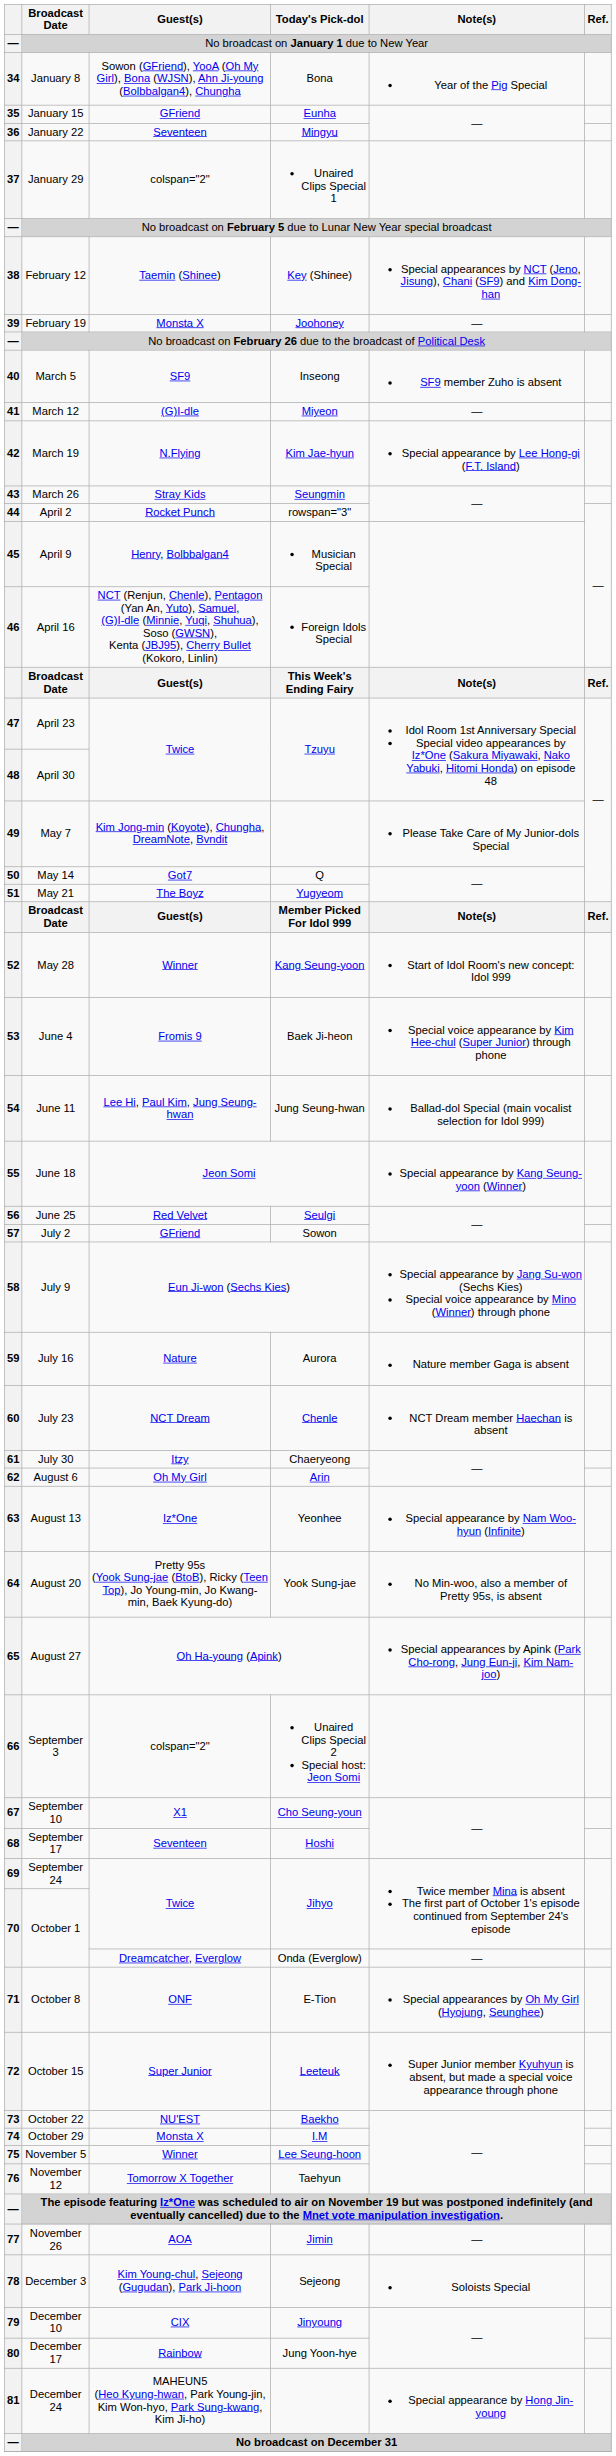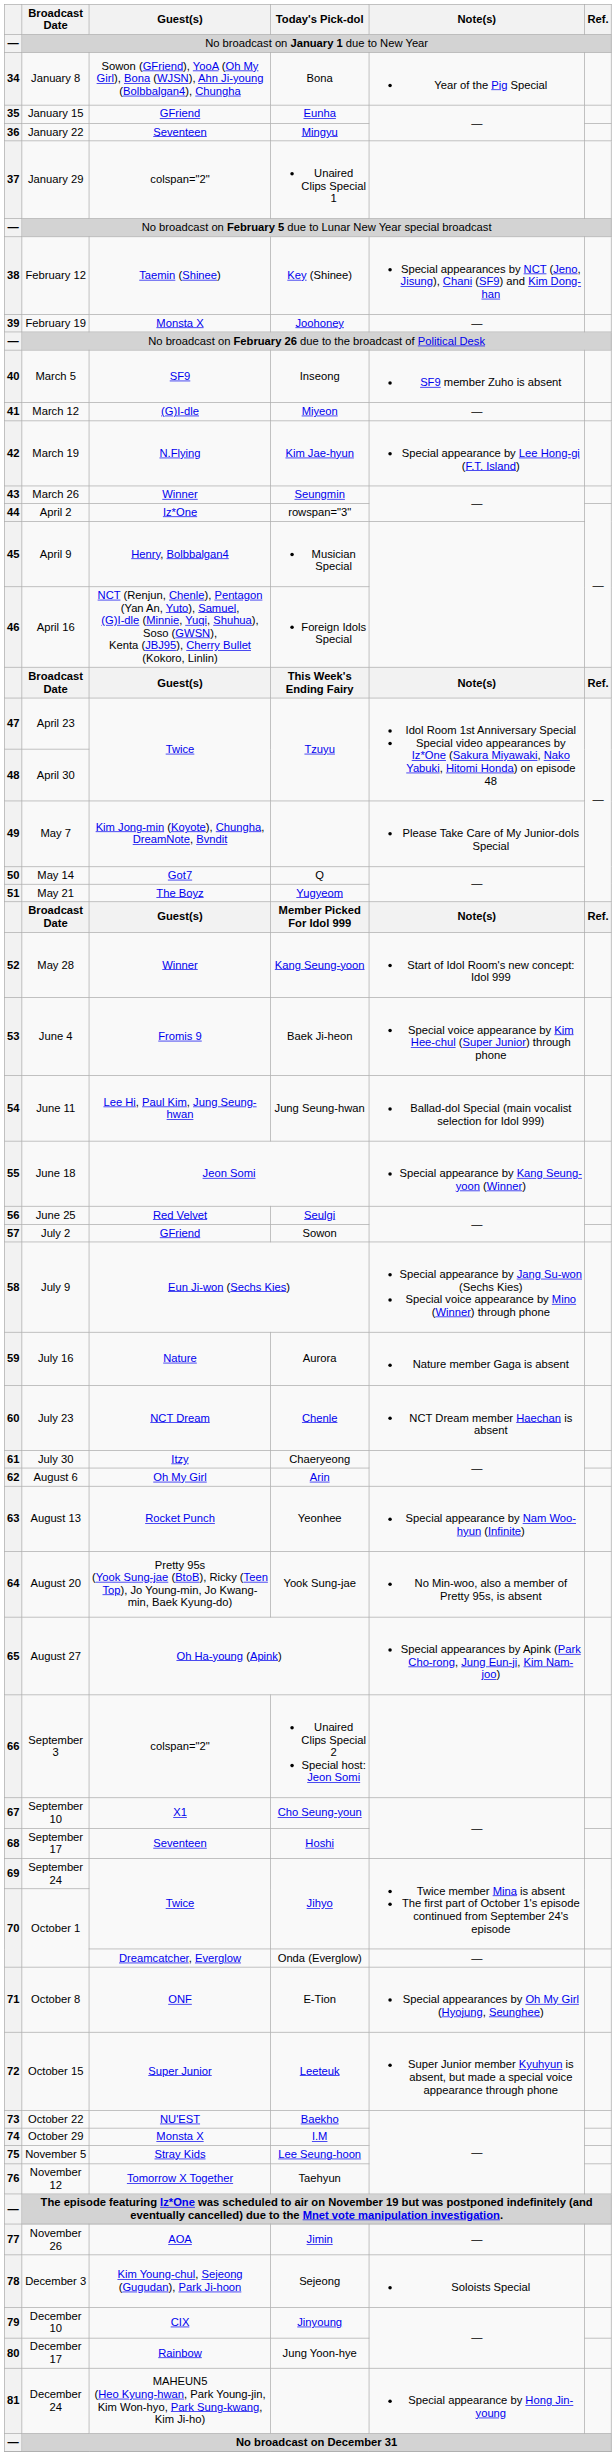 <table class="wikitable" style="text-align:center;">
 <tr>
 <th></th>
 <th>Broadcast Date</th>
 <th>Guest(s)</th>
 <th>Today's Pick-dol</th>
 <th>Note(s)</th>
 <th>Ref.</th>
 </tr>
 <tr>
 <th><strong>—</strong></th>
 <td colspan="5" style="text-align:center;background:Lightgray">No broadcast on <strong>January 1</strong> due to New Year</td>
 </tr>
 <tr>
 <th>34</th>
 <td>January 8</td>
 <td>Sowon (<a href='#'>GFriend</a>), <a href='#'>YooA</a> (<a href='#'>Oh My Girl</a>), <a href='#'>Bona</a> (<a href='#'>WJSN</a>), <a href='#'>Ahn Ji-young</a> (<a href='#'>Bolbbalgan4</a>), <a href='#'>Chungha</a></td>
 <td>Bona</td>
 <td><br><ul><li>Year of the <a href='#'>Pig</a> Special</li></ul></td>
 <td></td>
 </tr>
 <tr>
 <th>35</th>
 <td>January 15</td>
 <td><a href='#'>GFriend</a></td>
 <td><a href='#'>Eunha</a></td>
 <td rowspan="2">—</td>
 <td></td>
 </tr>
 <tr>
 <th>36</th>
 <td>January 22</td>
 <td><a href='#'>Seventeen</a></td>
 <td><a href='#'>Mingyu</a></td>
 <td></td>
 </tr>
 <tr>
 <th>37</th>
 <td>January 29</td>
 <td>colspan="2" </td>
 <td><br><ul><li>Unaired Clips Special 1</li></ul></td>
 <td></td>
 </tr>
 <tr>
 <th><strong>—</strong></th>
 <td colspan="5" style="text-align:center;background:Lightgray">No broadcast on <strong>February 5</strong> due to Lunar New Year special broadcast</td>
 </tr>
 <tr>
 <th>38</th>
 <td>February 12</td>
 <td><a href='#'>Taemin</a> (<a href='#'>Shinee</a>)</td>
 <td><a href='#'>Key</a> (Shinee)</td>
 <td><br><ul><li>Special appearances by <a href='#'>NCT</a> (<a href='#'>Jeno</a>, <a href='#'>Jisung</a>), <a href='#'>Chani</a> (<a href='#'>SF9</a>) and <a href='#'>Kim Dong-han</a></li></ul></td>
 <td></td>
 </tr>
 <tr>
 <th>39</th>
 <td>February 19</td>
 <td><a href='#'>Monsta X</a></td>
 <td><a href='#'>Joohoney</a></td>
 <td>—</td>
 <td></td>
 </tr>
 <tr>
 <th><strong>—</strong></th>
 <td colspan="5" style="text-align:center;background:Lightgray">No broadcast on <strong>February 26</strong> due to the broadcast of <a href='#'>Political Desk</a></td>
 </tr>
 <tr>
 <th>40</th>
 <td>March 5</td>
 <td><a href='#'>SF9</a></td>
 <td>Inseong</td>
 <td><br><ul><li><a href='#'>SF9</a> member Zuho is absent</li></ul></td>
 <td></td>
 </tr>
 <tr>
 <th>41</th>
 <td>March 12</td>
 <td><a href='#'>(G)I-dle</a></td>
 <td><a href='#'>Miyeon</a></td>
 <td>—</td>
 <td></td>
 </tr>
 <tr>
 <th>42</th>
 <td>March 19</td>
 <td><a href='#'>N.Flying</a></td>
 <td><a href='#'>Kim Jae-hyun</a></td>
 <td><br><ul><li>Special appearance by <a href='#'>Lee Hong-gi</a> (<a href='#'>F.T. Island</a>)</li></ul></td>
 <td></td>
 </tr>
 <tr>
 <th>43</th>
 <td>March 26</td>
-<td><a href='#'>Stray Kids</a></td>
+<td><a href='#'>Winner</a></td>
 <td><a href='#'>Seungmin</a></td>
 <td rowspan="2">—</td>
 <td></td>
 </tr>
 <tr>
 <th>44</th>
 <td>April 2</td>
-<td><a href='#'>Rocket Punch</a></td>
+<td><a href='#'>Iz*One</a></td>
 <td>rowspan="3" </td>
 <td rowspan="3">—</td>
 </tr>
 <tr>
 <th>45</th>
 <td>April 9</td>
 <td><a href='#'>Henry</a>, <a href='#'>Bolbbalgan4</a></td>
 <td><br><ul><li>Musician Special</li></ul></td>
 </tr>
 <tr>
 <th>46</th>
 <td>April 16</td>
 <td><a href='#'>NCT</a> (Renjun, <a href='#'>Chenle</a>), <a href='#'>Pentagon</a> (Yan An, <a href='#'>Yuto</a>), <a href='#'>Samuel</a>,<br><a href='#'>(G)I-dle</a> (<a href='#'>Minnie</a>, <a href='#'>Yuqi</a>, <a href='#'>Shuhua</a>), Soso (<a href='#'>GWSN</a>),<br>Kenta (<a href='#'>JBJ95</a>), <a href='#'>Cherry Bullet</a> (Kokoro, Linlin)</td>
 <td><br><ul><li>Foreign Idols Special</li></ul></td>
 </tr>
 <tr>
 <th></th>
 <th>Broadcast Date</th>
 <th>Guest(s)</th>
 <th>This Week's Ending Fairy</th>
 <th>Note(s)</th>
 <th>Ref.</th>
 </tr>
 <tr>
 <th>47</th>
 <td>April 23</td>
 <td rowspan="2"><a href='#'>Twice</a></td>
 <td rowspan="2"><a href='#'>Tzuyu</a></td>
 <td rowspan="2"><br><ul><li>Idol Room 1st Anniversary Special</li><li>Special video appearances by <a href='#'>Iz*One</a> (<a href='#'>Sakura Miyawaki</a>, <a href='#'>Nako Yabuki</a>, <a href='#'>Hitomi Honda</a>) on episode 48</li></ul></td>
 <td rowspan="5">—</td>
 </tr>
 <tr>
 <th>48</th>
 <td>April 30</td>
 </tr>
 <tr>
 <th>49</th>
 <td>May 7</td>
 <td><a href='#'>Kim Jong-min</a> (<a href='#'>Koyote</a>), <a href='#'>Chungha</a>, <a href='#'>DreamNote</a>, <a href='#'>Bvndit</a></td>
 <td></td>
 <td><br><ul><li>Please Take Care of My Junior-dols Special</li></ul></td>
 </tr>
 <tr>
 <th>50</th>
 <td>May 14</td>
 <td><a href='#'>Got7</a></td>
 <td>Q</td>
 <td rowspan="2">—</td>
 </tr>
 <tr>
 <th>51</th>
 <td>May 21</td>
 <td><a href='#'>The Boyz</a></td>
 <td><a href='#'>Yugyeom</a></td>
 </tr>
 <tr>
 <th></th>
 <th>Broadcast Date</th>
 <th>Guest(s)</th>
 <th>Member Picked For Idol 999</th>
 <th>Note(s)</th>
 <th>Ref.</th>
 </tr>
 <tr>
 <th>52</th>
 <td>May 28</td>
 <td><a href='#'>Winner</a></td>
 <td><a href='#'>Kang Seung-yoon</a></td>
 <td><br><ul><li>Start of Idol Room's new concept: Idol 999</li></ul></td>
 <td></td>
 </tr>
 <tr>
 <th>53</th>
 <td>June 4</td>
 <td><a href='#'>Fromis 9</a></td>
 <td>Baek Ji-heon</td>
 <td><br><ul><li>Special voice appearance by <a href='#'>Kim Hee-chul</a> (<a href='#'>Super Junior</a>) through phone</li></ul></td>
 <td></td>
 </tr>
 <tr>
 <th>54</th>
 <td>June 11</td>
 <td><a href='#'>Lee Hi</a>, <a href='#'>Paul Kim</a>, <a href='#'>Jung Seung-hwan</a></td>
 <td>Jung Seung-hwan</td>
 <td><br><ul><li>Ballad-dol Special (main vocalist selection for Idol 999)</li></ul></td>
 <td></td>
 </tr>
 <tr>
 <th>55</th>
 <td>June 18</td>
 <td colspan="2"><a href='#'>Jeon Somi</a></td>
 <td><br><ul><li>Special appearance by <a href='#'>Kang Seung-yoon</a> (<a href='#'>Winner</a>)</li></ul></td>
 <td></td>
 </tr>
 <tr>
 <th>56</th>
 <td>June 25</td>
 <td><a href='#'>Red Velvet</a></td>
 <td><a href='#'>Seulgi</a></td>
 <td rowspan="2">—</td>
 <td></td>
 </tr>
 <tr>
 <th>57</th>
 <td>July 2</td>
 <td><a href='#'>GFriend</a></td>
 <td>Sowon</td>
 <td></td>
 </tr>
 <tr>
 <th>58</th>
 <td>July 9</td>
 <td colspan="2"><a href='#'>Eun Ji-won</a> (<a href='#'>Sechs Kies</a>)</td>
 <td><br><ul><li>Special appearance by <a href='#'>Jang Su-won</a> (Sechs Kies)</li><li>Special voice appearance by <a href='#'>Mino</a> (<a href='#'>Winner</a>) through phone</li></ul></td>
 <td></td>
 </tr>
 <tr>
 <th>59</th>
 <td>July 16</td>
 <td><a href='#'>Nature</a></td>
 <td>Aurora</td>
 <td><br><ul><li>Nature member Gaga is absent</li></ul></td>
 <td></td>
 </tr>
 <tr>
 <th>60</th>
 <td>July 23</td>
 <td><a href='#'>NCT Dream</a></td>
 <td><a href='#'>Chenle</a></td>
 <td><br><ul><li>NCT Dream member <a href='#'>Haechan</a> is absent</li></ul></td>
 <td></td>
 </tr>
 <tr>
 <th>61</th>
 <td>July 30</td>
 <td><a href='#'>Itzy</a></td>
 <td>Chaeryeong</td>
 <td rowspan="2">—</td>
 <td></td>
 </tr>
 <tr>
 <th>62</th>
 <td>August 6</td>
 <td><a href='#'>Oh My Girl</a></td>
 <td><a href='#'>Arin</a></td>
 <td></td>
 </tr>
 <tr>
 <th>63</th>
 <td>August 13</td>
-<td><a href='#'>Iz*One</a></td>
+<td><a href='#'>Rocket Punch</a></td>
 <td>Yeonhee</td>
 <td><br><ul><li>Special appearance by <a href='#'>Nam Woo-hyun</a> (<a href='#'>Infinite</a>)</li></ul></td>
 <td></td>
 </tr>
 <tr>
 <th>64</th>
 <td>August 20</td>
 <td>Pretty 95s<br>(<a href='#'>Yook Sung-jae</a> (<a href='#'>BtoB</a>), Ricky (<a href='#'>Teen Top</a>), Jo Young-min, Jo Kwang-min, Baek Kyung-do)</td>
 <td>Yook Sung-jae</td>
 <td><br><ul><li>No Min-woo, also a member of Pretty 95s, is absent</li></ul></td>
 <td></td>
 </tr>
 <tr>
 <th>65</th>
 <td>August 27</td>
 <td colspan="2"><a href='#'>Oh Ha-young</a> (<a href='#'>Apink</a>)</td>
 <td><br><ul><li>Special appearances by Apink (<a href='#'>Park Cho-rong</a>, <a href='#'>Jung Eun-ji</a>, <a href='#'>Kim Nam-joo</a>)</li></ul></td>
 <td></td>
 </tr>
 <tr>
 <th>66</th>
 <td>September 3</td>
 <td>colspan="2" </td>
 <td><br><ul><li>Unaired Clips Special 2</li><li>Special host: <a href='#'>Jeon Somi</a></li></ul></td>
 <td></td>
 </tr>
 <tr>
 <th>67</th>
 <td>September 10</td>
 <td><a href='#'>X1</a></td>
 <td><a href='#'>Cho Seung-youn</a></td>
 <td rowspan="2">—</td>
 <td></td>
 </tr>
 <tr>
 <th>68</th>
 <td>September 17</td>
 <td><a href='#'>Seventeen</a></td>
 <td><a href='#'>Hoshi</a></td>
 <td></td>
 </tr>
 <tr>
 <th>69</th>
 <td>September 24</td>
 <td rowspan="2"><a href='#'>Twice</a></td>
 <td rowspan="2"><a href='#'>Jihyo</a></td>
 <td rowspan="2"><br><ul><li>Twice member <a href='#'>Mina</a> is absent</li><li>The first part of October 1's episode continued from September 24's episode</li></ul></td>
 <td rowspan="2"></td>
 </tr>
 <tr>
 <th rowspan="2">70</th>
 <td rowspan="2">October 1</td>
 </tr>
 <tr>
 <td><a href='#'>Dreamcatcher</a>, <a href='#'>Everglow</a></td>
 <td>Onda (Everglow)</td>
 <td>—</td>
 <td></td>
 </tr>
 <tr>
 <th>71</th>
 <td>October 8</td>
 <td><a href='#'>ONF</a></td>
 <td>E-Tion</td>
 <td><br><ul><li>Special appearances by <a href='#'>Oh My Girl</a> (<a href='#'>Hyojung</a>, <a href='#'>Seunghee</a>)</li></ul></td>
 <td></td>
 </tr>
 <tr>
 <th>72</th>
 <td>October 15</td>
 <td><a href='#'>Super Junior</a></td>
 <td><a href='#'>Leeteuk</a></td>
 <td><br><ul><li>Super Junior member <a href='#'>Kyuhyun</a> is absent, but made a special voice appearance through phone</li></ul></td>
 <td></td>
 </tr>
 <tr>
 <th>73</th>
 <td>October 22</td>
 <td><a href='#'>NU'EST</a></td>
 <td><a href='#'>Baekho</a></td>
 <td rowspan="4">—</td>
 <td></td>
 </tr>
 <tr>
 <th>74</th>
 <td>October 29</td>
 <td><a href='#'>Monsta X</a></td>
 <td><a href='#'>I.M</a></td>
 <td></td>
 </tr>
 <tr>
 <th>75</th>
 <td>November 5</td>
-<td><a href='#'>Winner</a></td>
+<td><a href='#'>Stray Kids</a></td>
 <td><a href='#'>Lee Seung-hoon</a></td>
 <td></td>
 </tr>
 <tr>
 <th>76</th>
 <td>November 12</td>
 <td><a href='#'>Tomorrow X Together</a></td>
 <td>Taehyun</td>
 <td></td>
 </tr>
 <tr>
 <th>—</th>
 <th colspan="5" style="text-align:center;background:Lightgray">The episode featuring <a href='#'>Iz*One</a> was scheduled to air on November 19 but was postponed indefinitely (and eventually cancelled) due to the <a href='#'>Mnet vote manipulation investigation</a>.</th>
 </tr>
 <tr>
 <th>77</th>
 <td>November 26</td>
 <td><a href='#'>AOA</a></td>
 <td><a href='#'>Jimin</a></td>
 <td>—</td>
 <td></td>
 </tr>
 <tr>
 <th>78</th>
 <td>December 3</td>
 <td><a href='#'>Kim Young-chul</a>, <a href='#'>Sejeong</a> (<a href='#'>Gugudan</a>), <a href='#'>Park Ji-hoon</a></td>
 <td>Sejeong</td>
 <td><br><ul><li>Soloists Special</li></ul></td>
 <td></td>
 </tr>
 <tr>
 <th>79</th>
 <td>December 10</td>
 <td><a href='#'>CIX</a></td>
 <td><a href='#'>Jinyoung</a></td>
 <td rowspan="2">—</td>
 <td></td>
 </tr>
 <tr>
 <th>80</th>
 <td>December 17</td>
 <td><a href='#'>Rainbow</a></td>
 <td>Jung Yoon-hye</td>
 <td></td>
 </tr>
 <tr>
 <th>81</th>
 <td>December 24</td>
 <td>MAHEUN5<br>(<a href='#'>Heo Kyung-hwan</a>, Park Young-jin, Kim Won-hyo, <a href='#'>Park Sung-kwang</a>, Kim Ji-ho)</td>
 <td></td>
 <td><br><ul><li>Special appearance by <a href='#'>Hong Jin-young</a></li></ul></td>
 <td></td>
 </tr>
 <tr>
 <th>—</th>
 <th colspan="5" style="text-align:center;background:Lightgray">No broadcast on December 31</th>
 </tr>
 <tr>
 </tr>
 </table>
